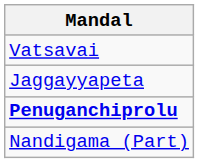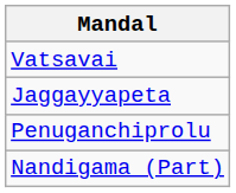 <table class="wikitable sortable static-row-numbers static-row-header-hash">
 <tr>
 <th>Mandal</th>
 </tr>
 <tr>
 <td><a href='#'>Vatsavai</a></td>
 </tr>
 <tr>
 <td><a href='#'>Jaggayyapeta</a></td>
 </tr>
 <tr>
-<td><strong><a href='#'>Penuganchiprolu</a></strong></td>
+<td><a href='#'>Penuganchiprolu</a></td>
 </tr>
 <tr>
 <td><a href='#'>Nandigama (Part)</a></td>
 </tr>
 </table>
